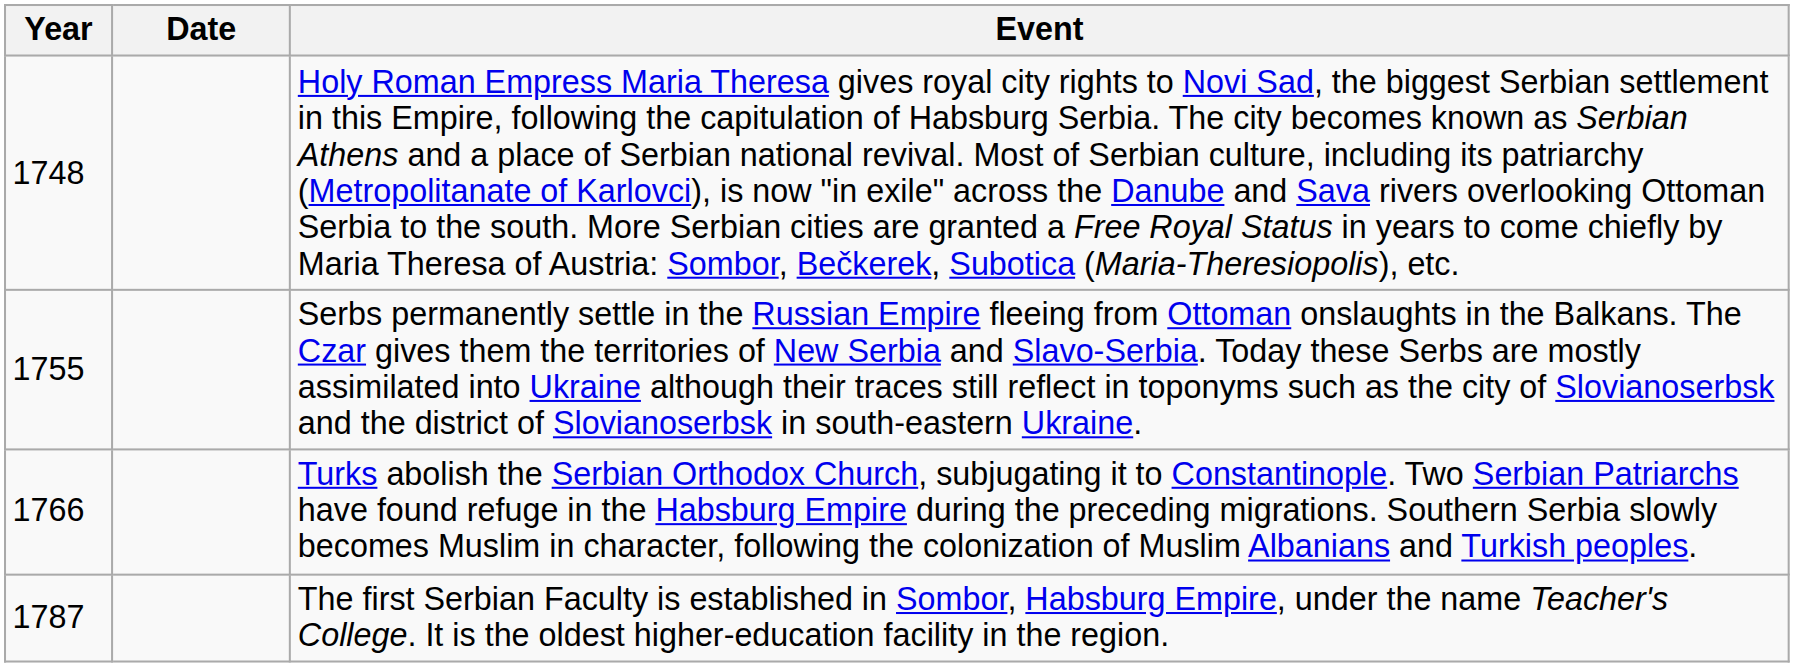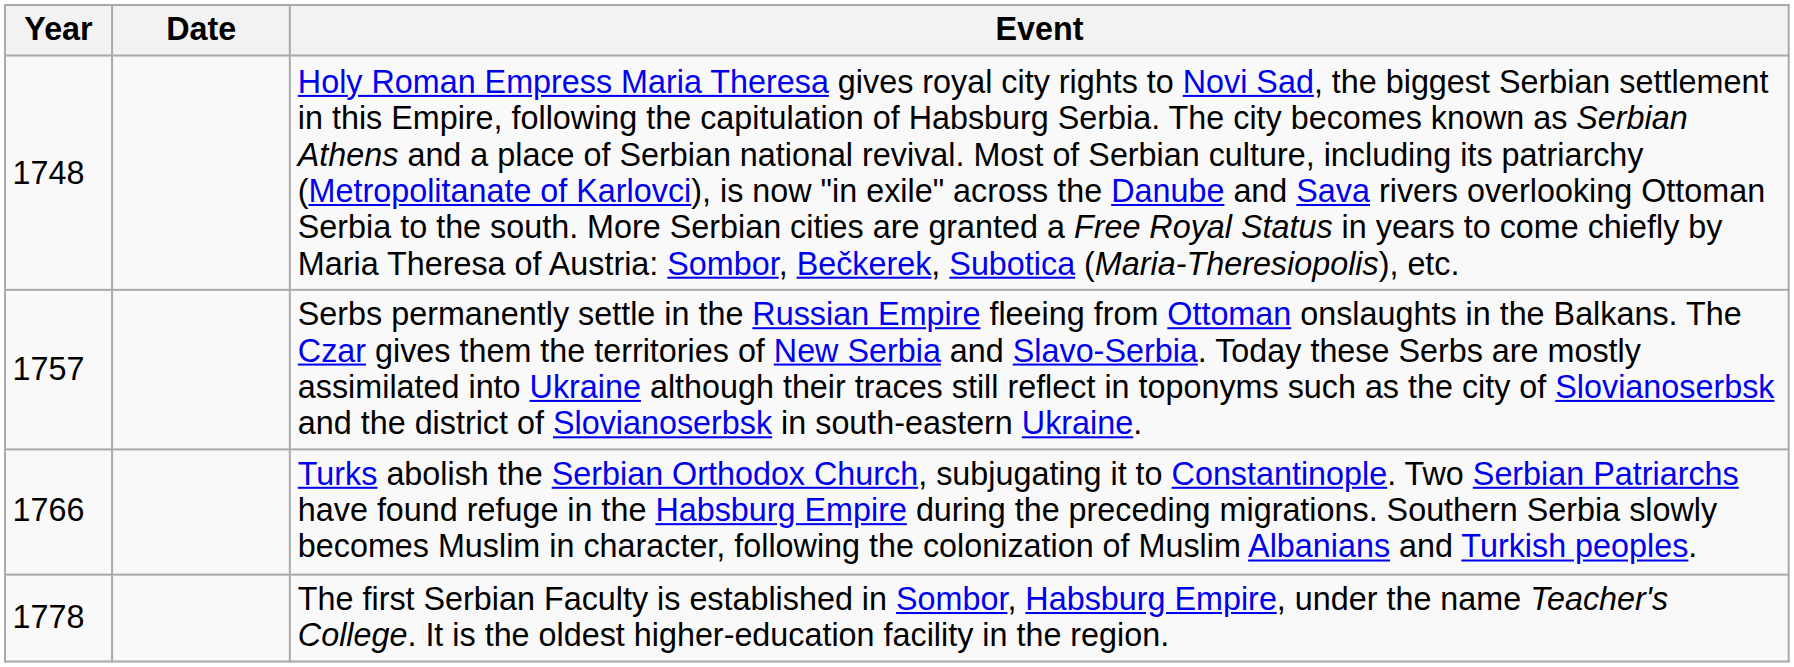 <table class="wikitable" width="100%">
 <tr>
 <th style="width:6%">Year</th>
 <th style="width:10%">Date</th>
 <th>Event</th>
 </tr>
 <tr>
 <td>1748</td>
 <td></td>
 <td><a href='#'>Holy Roman Empress Maria Theresa</a> gives royal city rights to <a href='#'>Novi Sad</a>, the biggest Serbian settlement in this Empire, following the capitulation of Habsburg Serbia. The city becomes known as <em>Serbian Athens</em> and a place of Serbian national revival. Most of Serbian culture, including its patriarchy (<a href='#'>Metropolitanate of Karlovci</a>), is now "in exile" across the <a href='#'>Danube</a> and <a href='#'>Sava</a> rivers overlooking Ottoman Serbia to the south. More Serbian cities are granted a <em>Free Royal Status</em> in years to come chiefly by Maria Theresa of Austria: <a href='#'>Sombor</a>, <a href='#'>Bečkerek</a>, <a href='#'>Subotica</a> (<em>Maria-Theresiopolis</em>), etc.</td>
 </tr>
 <tr>
-<td>1755</td>
+<td>1757</td>
 <td></td>
 <td>Serbs permanently settle in the <a href='#'>Russian Empire</a> fleeing from <a href='#'>Ottoman</a> onslaughts in the Balkans. The <a href='#'>Czar</a> gives them the territories of <a href='#'>New Serbia</a> and <a href='#'>Slavo-Serbia</a>. Today these Serbs are mostly assimilated into <a href='#'>Ukraine</a> although their traces still reflect in toponyms such as the city of <a href='#'>Slovianoserbsk</a> and the district of <a href='#'>Slovianoserbsk</a> in south-eastern <a href='#'>Ukraine</a>.</td>
 </tr>
 <tr>
 <td>1766</td>
 <td></td>
 <td><a href='#'>Turks</a> abolish the <a href='#'>Serbian Orthodox Church</a>, subjugating it to <a href='#'>Constantinople</a>. Two <a href='#'>Serbian Patriarchs</a> have found refuge in the <a href='#'>Habsburg Empire</a> during the preceding migrations. Southern Serbia slowly becomes Muslim in character, following the colonization of Muslim <a href='#'>Albanians</a> and <a href='#'>Turkish peoples</a>.</td>
 </tr>
 <tr>
-<td>1787</td>
+<td>1778</td>
 <td></td>
 <td>The first Serbian Faculty is established in <a href='#'>Sombor</a>, <a href='#'>Habsburg Empire</a>, under the name <em>Teacher's College</em>. It is the oldest higher-education facility in the region.</td>
 </tr>
 </table>
